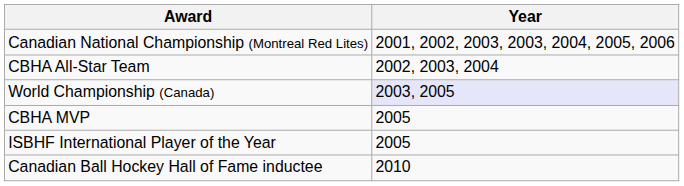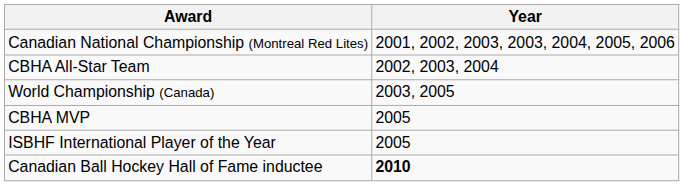 <table class="wikitable" border="1">
 <tr>
 <th>Award</th>
 <th>Year</th>
 </tr>
 <tr>
 <td>Canadian National Championship <small>(Montreal Red Lites)</small></td>
 <td>2001, 2002, 2003, 2003, 2004, 2005, 2006</td>
 </tr>
 <tr>
 <td>CBHA All-Star Team</td>
 <td>2002, 2003, 2004</td>
 </tr>
 <tr>
 <td>World Championship <small>(Canada)</small></td>
-<td style="background: lavender;">2003, 2005</td>
+<td>2003, 2005</td>
 </tr>
 <tr>
 <td>CBHA MVP</td>
 <td>2005</td>
 </tr>
 <tr>
 <td>ISBHF International Player of the Year</td>
 <td>2005</td>
 </tr>
 <tr>
 <td>Canadian Ball Hockey Hall of Fame inductee</td>
-<td>2010</td>
+<td><strong>2010</strong></td>
 </tr>
 </table>
